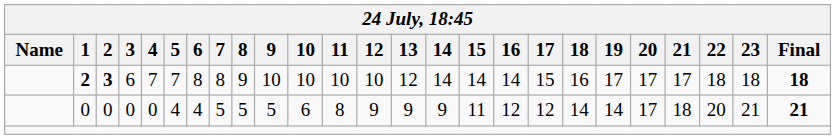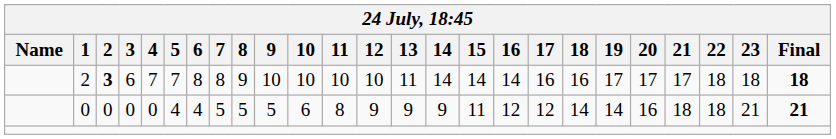 <table class=wikitable style="text-align:center; width: 55%">
 <tr>
 <th colspan=30><em>24 July, 18:45</em></th>
 </tr>
 <tr>
 <th>Name</th>
 <th>1</th>
 <th>2</th>
 <th>3</th>
 <th>4</th>
 <th>5</th>
 <th>6</th>
 <th>7</th>
 <th>8</th>
 <th>9</th>
 <th>10</th>
 <th>11</th>
 <th>12</th>
 <th>13</th>
 <th>14</th>
 <th>15</th>
 <th>16</th>
 <th>17</th>
 <th>18</th>
 <th>19</th>
 <th>20</th>
 <th>21</th>
 <th>22</th>
 <th>23</th>
 <th>Final</th>
 </tr>
 <tr>
 <td align=left></td>
-<td><strong>2</strong></td>
+<td>2</td>
 <td><strong>3</strong></td>
 <td>6</td>
 <td>7</td>
 <td>7</td>
 <td>8</td>
 <td>8</td>
 <td>9</td>
 <td>10</td>
 <td>10</td>
 <td>10</td>
 <td>10</td>
-<td>12</td>
+<td>11</td>
 <td>14</td>
 <td>14</td>
 <td>14</td>
-<td>15</td>
+<td>16</td>
 <td>16</td>
 <td>17</td>
 <td>17</td>
 <td>17</td>
 <td>18</td>
 <td>18</td>
 <td><strong>18</strong></td>
 </tr>
 <tr>
 <td align=left><strong></strong></td>
 <td>0</td>
 <td>0</td>
 <td>0</td>
 <td>0</td>
 <td>4</td>
 <td>4</td>
 <td>5</td>
 <td>5</td>
 <td>5</td>
 <td>6</td>
 <td>8</td>
 <td>9</td>
 <td>9</td>
 <td>9</td>
 <td>11</td>
 <td>12</td>
 <td>12</td>
 <td>14</td>
 <td>14</td>
-<td>17</td>
+<td>16</td>
 <td>18</td>
-<td>20</td>
+<td>18</td>
 <td>21</td>
 <td><strong>21</strong></td>
 </tr>
 <tr>
 <td colspan=30></td>
 </tr>
 </table>
